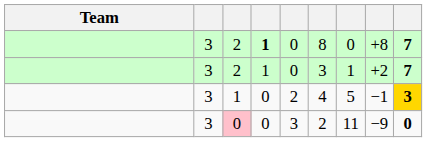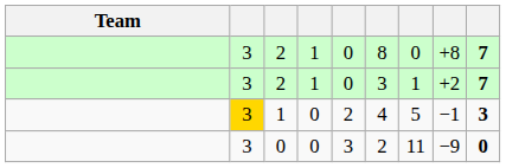 <table class="wikitable" style="text-align: center;">
 <tr>
 <th width=175>Team</th>
 <th width=20></th>
 <th width=20></th>
 <th width=20></th>
 <th width=20></th>
 <th width=20></th>
 <th width=20></th>
 <th width=20></th>
 <th width=20></th>
 </tr>
 <tr bgcolor=ccffcc>
 <td style="text-align:left;"></td>
 <td>3</td>
 <td>2</td>
-<td><strong>1</strong></td>
+<td>1</td>
 <td>0</td>
 <td>8</td>
 <td>0</td>
 <td>+8</td>
 <td><strong>7</strong></td>
 </tr>
 <tr bgcolor=ccffcc>
 <td style="text-align:left;"></td>
 <td>3</td>
 <td>2</td>
 <td>1</td>
 <td>0</td>
 <td>3</td>
 <td>1</td>
 <td>+2</td>
 <td><strong>7</strong></td>
 </tr>
 <tr>
 <td style="text-align:left;"></td>
-<td>3</td>
+<td style="background: gold;">3</td>
 <td>1</td>
 <td>0</td>
 <td>2</td>
 <td>4</td>
 <td>5</td>
 <td>−1</td>
-<td style="background: gold;"><strong>3</strong></td>
+<td><strong>3</strong></td>
 </tr>
 <tr>
 <td style="text-align:left;"></td>
 <td>3</td>
-<td style="background: pink;">0</td>
+<td>0</td>
 <td>0</td>
 <td>3</td>
 <td>2</td>
 <td>11</td>
 <td>−9</td>
 <td><strong>0</strong></td>
 </tr>
 </table>
